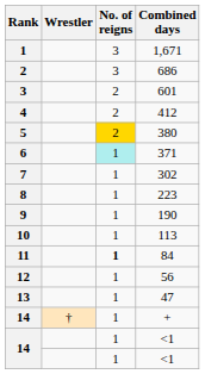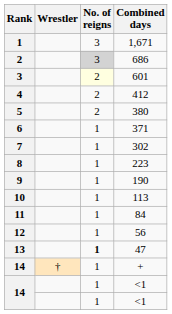 <table class="wikitable sortable" style="text-align: center">
 <tr>
 <th>Rank</th>
 <th>Wrestler</th>
 <th>No. of<br>reigns</th>
 <th>Combined<br>days</th>
 </tr>
 <tr>
 <th>1</th>
 <td></td>
 <td>3</td>
 <td>1,671</td>
 </tr>
 <tr>
 <th>2</th>
 <td></td>
-<td>3</td>
+<td style="background: lightgrey;">3</td>
 <td>686</td>
 </tr>
 <tr>
 <th>3</th>
 <td></td>
-<td>2</td>
+<td style="background: lightyellow;">2</td>
 <td>601</td>
 </tr>
 <tr>
 <th>4</th>
 <td></td>
 <td>2</td>
 <td>412</td>
 </tr>
 <tr>
 <th>5</th>
 <td></td>
-<td style="background: gold;">2</td>
+<td>2</td>
 <td>380</td>
 </tr>
 <tr>
 <th>6</th>
 <td></td>
-<td style="background: paleturquoise;">1</td>
+<td>1</td>
 <td>371</td>
 </tr>
 <tr>
 <th>7</th>
 <td></td>
 <td>1</td>
 <td>302</td>
 </tr>
 <tr>
 <th>8</th>
 <td></td>
 <td>1</td>
 <td>223</td>
 </tr>
 <tr>
 <th>9</th>
 <td></td>
 <td>1</td>
 <td>190</td>
 </tr>
 <tr>
 <th>10</th>
 <td></td>
 <td>1</td>
 <td>113</td>
 </tr>
 <tr>
 <th>11</th>
 <td></td>
-<td><strong>1</strong></td>
+<td>1</td>
 <td>84</td>
 </tr>
 <tr>
 <th>12</th>
 <td></td>
 <td>1</td>
 <td>56</td>
 </tr>
 <tr>
 <th>13</th>
 <td></td>
-<td>1</td>
+<td><strong>1</strong></td>
 <td>47</td>
 </tr>
 <tr>
 <th>14</th>
 <td style="background-color: #ffe6bd"> †</td>
 <td>1</td>
 <td>+</td>
 </tr>
 <tr>
 <th rowspan=2>14</th>
 <td></td>
 <td>1</td>
 <td><1</td>
 </tr>
 <tr>
 <td></td>
 <td>1</td>
 <td><1</td>
 </tr>
 </table>
